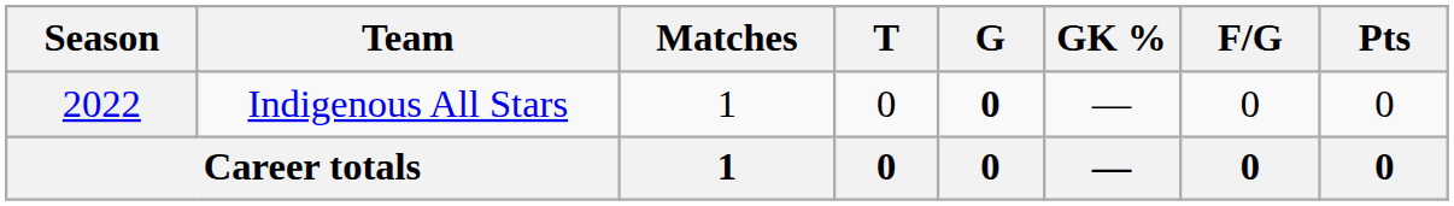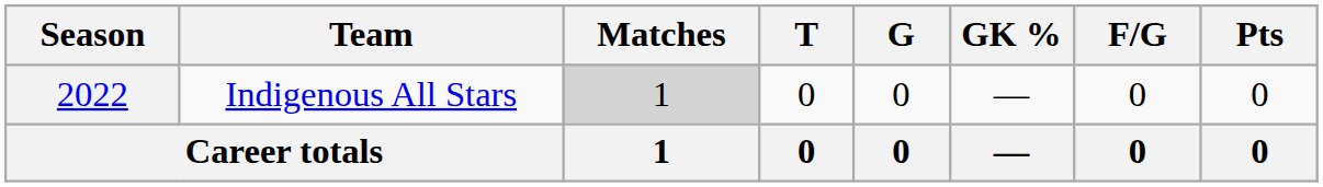 <table class="wikitable sortable"  style="font-size:90%; text-align:center; width:85%;">
 <tr>
 <th width=2%>Season</th>
 <th width=8%>Team</th>
 <th width=2%>Matches</th>
 <th width=2%>T</th>
 <th width=2%>G</th>
 <th width=2%>GK %</th>
 <th width=2%>F/G</th>
 <th width=2%>Pts</th>
 </tr>
 <tr>
 <th scope="row" style="text-align:center; font-weight:normal"><a href='#'>2022</a></th>
 <td style="text-align:center;"> <a href='#'>Indigenous All Stars</a></td>
-<td>1</td>
+<td style="background: lightgrey;">1</td>
 <td>0</td>
-<td><strong>0</strong></td>
+<td>0</td>
 <td>—</td>
 <td>0</td>
 <td>0</td>
 </tr>
 <tr class="sortbottom">
 <th colspan=2>Career totals</th>
 <th>1</th>
 <th>0</th>
 <th>0</th>
 <th>—</th>
 <th>0</th>
 <th>0</th>
 </tr>
 </table>
